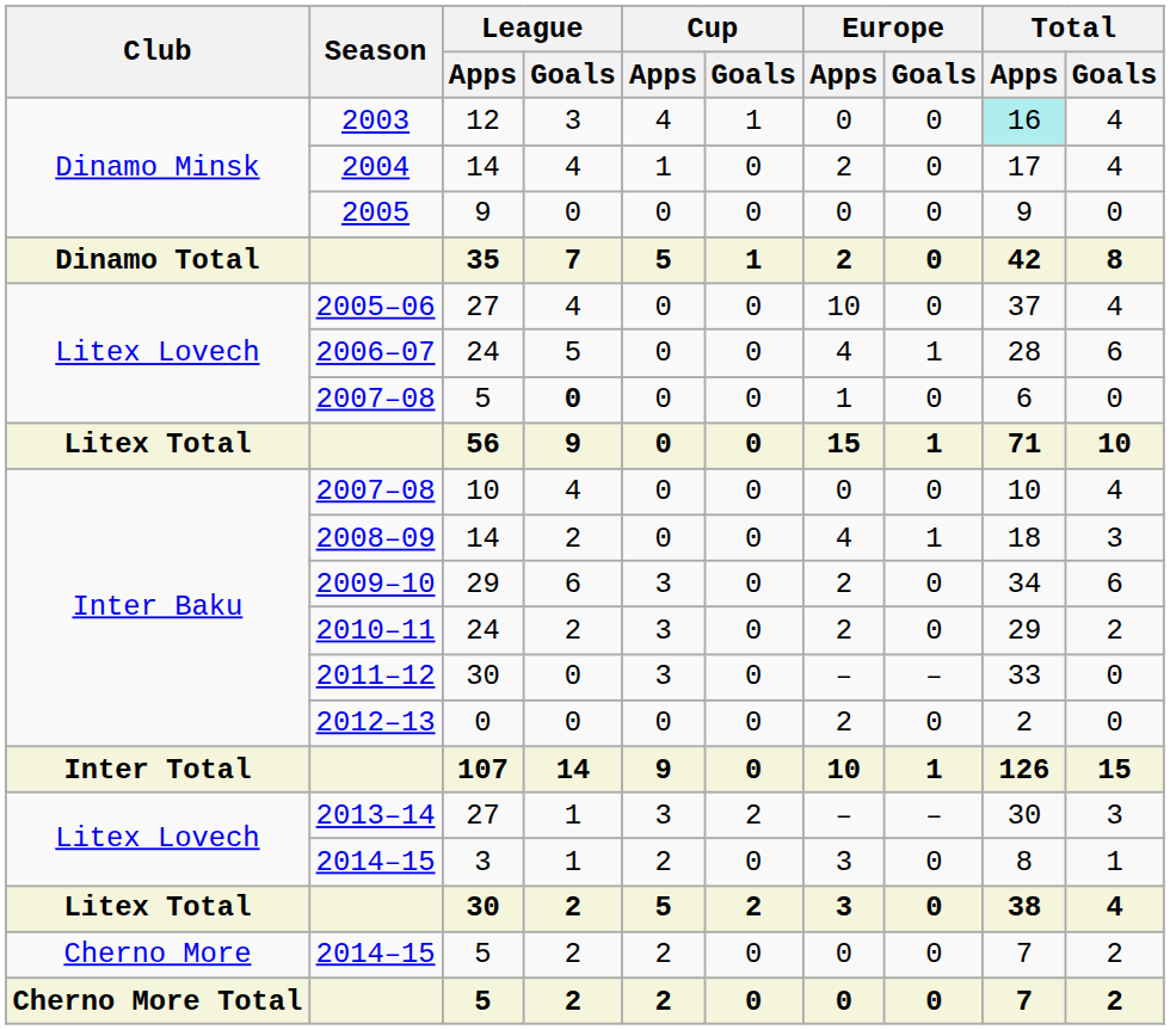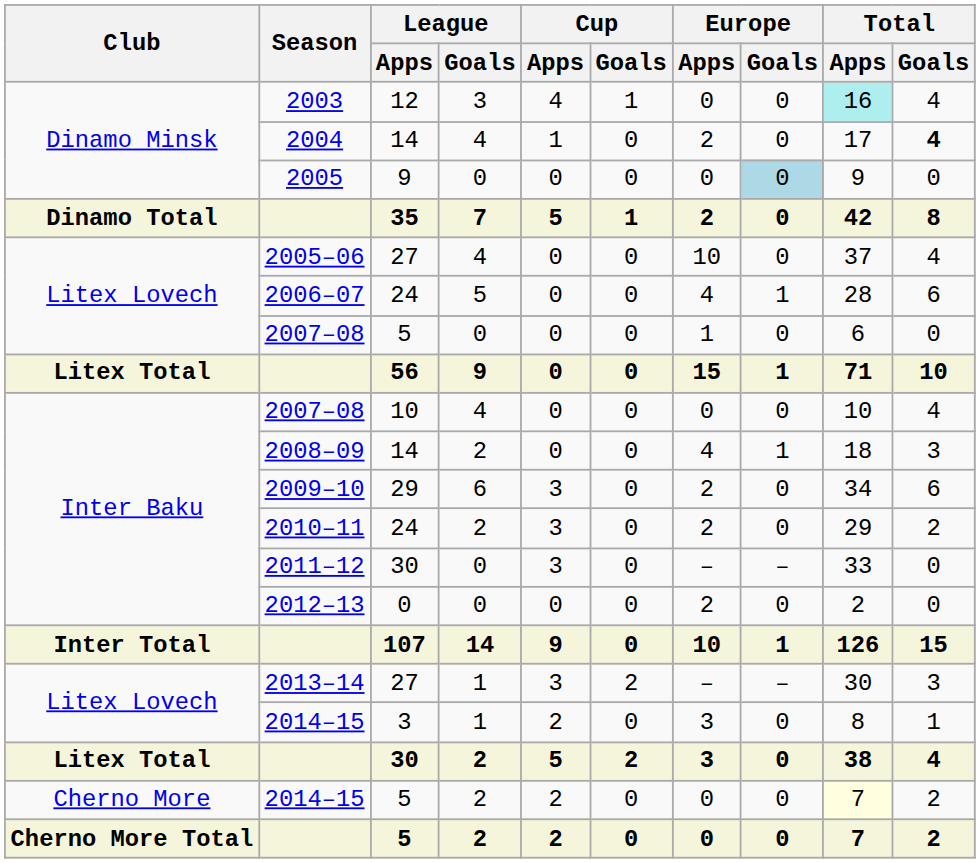 <table class="wikitable" style="text-align: center;">
 <tr>
 <th rowspan="2">Club</th>
 <th rowspan="2">Season</th>
 <th colspan="2">League</th>
 <th colspan="2">Cup</th>
 <th colspan="2">Europe</th>
 <th colspan="2">Total</th>
 </tr>
 <tr>
 <th>Apps</th>
 <th>Goals</th>
 <th>Apps</th>
 <th>Goals</th>
 <th>Apps</th>
 <th>Goals</th>
 <th>Apps</th>
 <th>Goals</th>
 </tr>
 <tr>
 <td rowspan="3"><a href='#'>Dinamo Minsk</a></td>
 <td><a href='#'>2003</a></td>
 <td>12</td>
 <td>3</td>
 <td>4</td>
 <td>1</td>
 <td>0</td>
 <td>0</td>
 <td style="background: paleturquoise;">16</td>
 <td>4</td>
 </tr>
 <tr>
 <td><a href='#'>2004</a></td>
 <td>14</td>
 <td>4</td>
 <td>1</td>
 <td>0</td>
 <td>2</td>
 <td>0</td>
 <td>17</td>
-<td>4</td>
+<td><strong>4</strong></td>
 </tr>
 <tr>
 <td><a href='#'>2005</a></td>
 <td>9</td>
 <td>0</td>
 <td>0</td>
 <td>0</td>
 <td>0</td>
-<td>0</td>
+<td style="background: lightblue;">0</td>
 <td>9</td>
 <td>0</td>
 </tr>
 <tr>
 <th style="text-align:center; background:beige;">Dinamo Total</th>
 <th style="text-align:center; background:beige;"></th>
 <th style="text-align:center; background:beige;">35</th>
 <th style="text-align:center; background:beige;">7</th>
 <th style="text-align:center; background:beige;">5</th>
 <th style="text-align:center; background:beige;">1</th>
 <th style="text-align:center; background:beige;">2</th>
 <th style="text-align:center; background:beige;">0</th>
 <th style="text-align:center; background:beige;">42</th>
 <th style="text-align:center; background:beige;">8</th>
 </tr>
 <tr>
 <td rowspan="3"><a href='#'>Litex Lovech</a></td>
 <td><a href='#'>2005–06</a></td>
 <td>27</td>
 <td>4</td>
 <td>0</td>
 <td>0</td>
 <td>10</td>
 <td>0</td>
 <td>37</td>
 <td>4</td>
 </tr>
 <tr>
 <td><a href='#'>2006–07</a></td>
 <td>24</td>
 <td>5</td>
 <td>0</td>
 <td>0</td>
 <td>4</td>
 <td>1</td>
 <td>28</td>
 <td>6</td>
 </tr>
 <tr>
 <td><a href='#'>2007–08</a></td>
 <td>5</td>
-<td><strong>0</strong></td>
+<td>0</td>
 <td>0</td>
 <td>0</td>
 <td>1</td>
 <td>0</td>
 <td>6</td>
 <td>0</td>
 </tr>
 <tr>
 <th style="text-align:center; background:beige;">Litex Total</th>
 <th style="text-align:center; background:beige;"></th>
 <th style="text-align:center; background:beige;">56</th>
 <th style="text-align:center; background:beige;">9</th>
 <th style="text-align:center; background:beige;">0</th>
 <th style="text-align:center; background:beige;">0</th>
 <th style="text-align:center; background:beige;">15</th>
 <th style="text-align:center; background:beige;">1</th>
 <th style="text-align:center; background:beige;">71</th>
 <th style="text-align:center; background:beige;">10</th>
 </tr>
 <tr>
 <td rowspan="6"><a href='#'>Inter Baku</a></td>
 <td><a href='#'>2007–08</a></td>
 <td>10</td>
 <td>4</td>
 <td>0</td>
 <td>0</td>
 <td>0</td>
 <td>0</td>
 <td>10</td>
 <td>4</td>
 </tr>
 <tr>
 <td><a href='#'>2008–09</a></td>
 <td>14</td>
 <td>2</td>
 <td>0</td>
 <td>0</td>
 <td>4</td>
 <td>1</td>
 <td>18</td>
 <td>3</td>
 </tr>
 <tr>
 <td><a href='#'>2009–10</a></td>
 <td>29</td>
 <td>6</td>
 <td>3</td>
 <td>0</td>
 <td>2</td>
 <td>0</td>
 <td>34</td>
 <td>6</td>
 </tr>
 <tr>
 <td><a href='#'>2010–11</a></td>
 <td>24</td>
 <td>2</td>
 <td>3</td>
 <td>0</td>
 <td>2</td>
 <td>0</td>
 <td>29</td>
 <td>2</td>
 </tr>
 <tr>
 <td><a href='#'>2011–12</a></td>
 <td>30</td>
 <td>0</td>
 <td>3</td>
 <td>0</td>
 <td>–</td>
 <td>–</td>
 <td>33</td>
 <td>0</td>
 </tr>
 <tr>
 <td><a href='#'>2012–13</a></td>
 <td>0</td>
 <td>0</td>
 <td>0</td>
 <td>0</td>
 <td>2</td>
 <td>0</td>
 <td>2</td>
 <td>0</td>
 </tr>
 <tr>
 <th style="text-align:center; background:beige;">Inter Total</th>
 <th style="text-align:center; background:beige;"></th>
 <th style="text-align:center; background:beige;">107</th>
 <th style="text-align:center; background:beige;">14</th>
 <th style="text-align:center; background:beige;">9</th>
 <th style="text-align:center; background:beige;">0</th>
 <th style="text-align:center; background:beige;">10</th>
 <th style="text-align:center; background:beige;">1</th>
 <th style="text-align:center; background:beige;">126</th>
 <th style="text-align:center; background:beige;">15</th>
 </tr>
 <tr>
 <td rowspan="2"><a href='#'>Litex Lovech</a></td>
 <td><a href='#'>2013–14</a></td>
 <td>27</td>
 <td>1</td>
 <td>3</td>
 <td>2</td>
 <td>–</td>
 <td>–</td>
 <td>30</td>
 <td>3</td>
 </tr>
 <tr>
 <td><a href='#'>2014–15</a></td>
 <td>3</td>
 <td>1</td>
 <td>2</td>
 <td>0</td>
 <td>3</td>
 <td>0</td>
 <td>8</td>
 <td>1</td>
 </tr>
 <tr>
 <th style="text-align:center; background:beige;">Litex Total</th>
 <th style="text-align:center; background:beige;"></th>
 <th style="text-align:center; background:beige;">30</th>
 <th style="text-align:center; background:beige;">2</th>
 <th style="text-align:center; background:beige;">5</th>
 <th style="text-align:center; background:beige;">2</th>
 <th style="text-align:center; background:beige;">3</th>
 <th style="text-align:center; background:beige;">0</th>
 <th style="text-align:center; background:beige;">38</th>
 <th style="text-align:center; background:beige;">4</th>
 </tr>
 <tr>
 <td rowspan="1"><a href='#'>Cherno More</a></td>
 <td><a href='#'>2014–15</a></td>
 <td>5</td>
 <td>2</td>
 <td>2</td>
 <td>0</td>
 <td>0</td>
 <td>0</td>
-<td>7</td>
+<td style="background: lightyellow;">7</td>
 <td>2</td>
 </tr>
 <tr>
 <th style="text-align:center; background:beige;">Cherno More Total</th>
 <th style="text-align:center; background:beige;"></th>
 <th style="text-align:center; background:beige;">5</th>
 <th style="text-align:center; background:beige;">2</th>
 <th style="text-align:center; background:beige;">2</th>
 <th style="text-align:center; background:beige;">0</th>
 <th style="text-align:center; background:beige;">0</th>
 <th style="text-align:center; background:beige;">0</th>
 <th style="text-align:center; background:beige;">7</th>
 <th style="text-align:center; background:beige;">2</th>
 </tr>
 </table>
